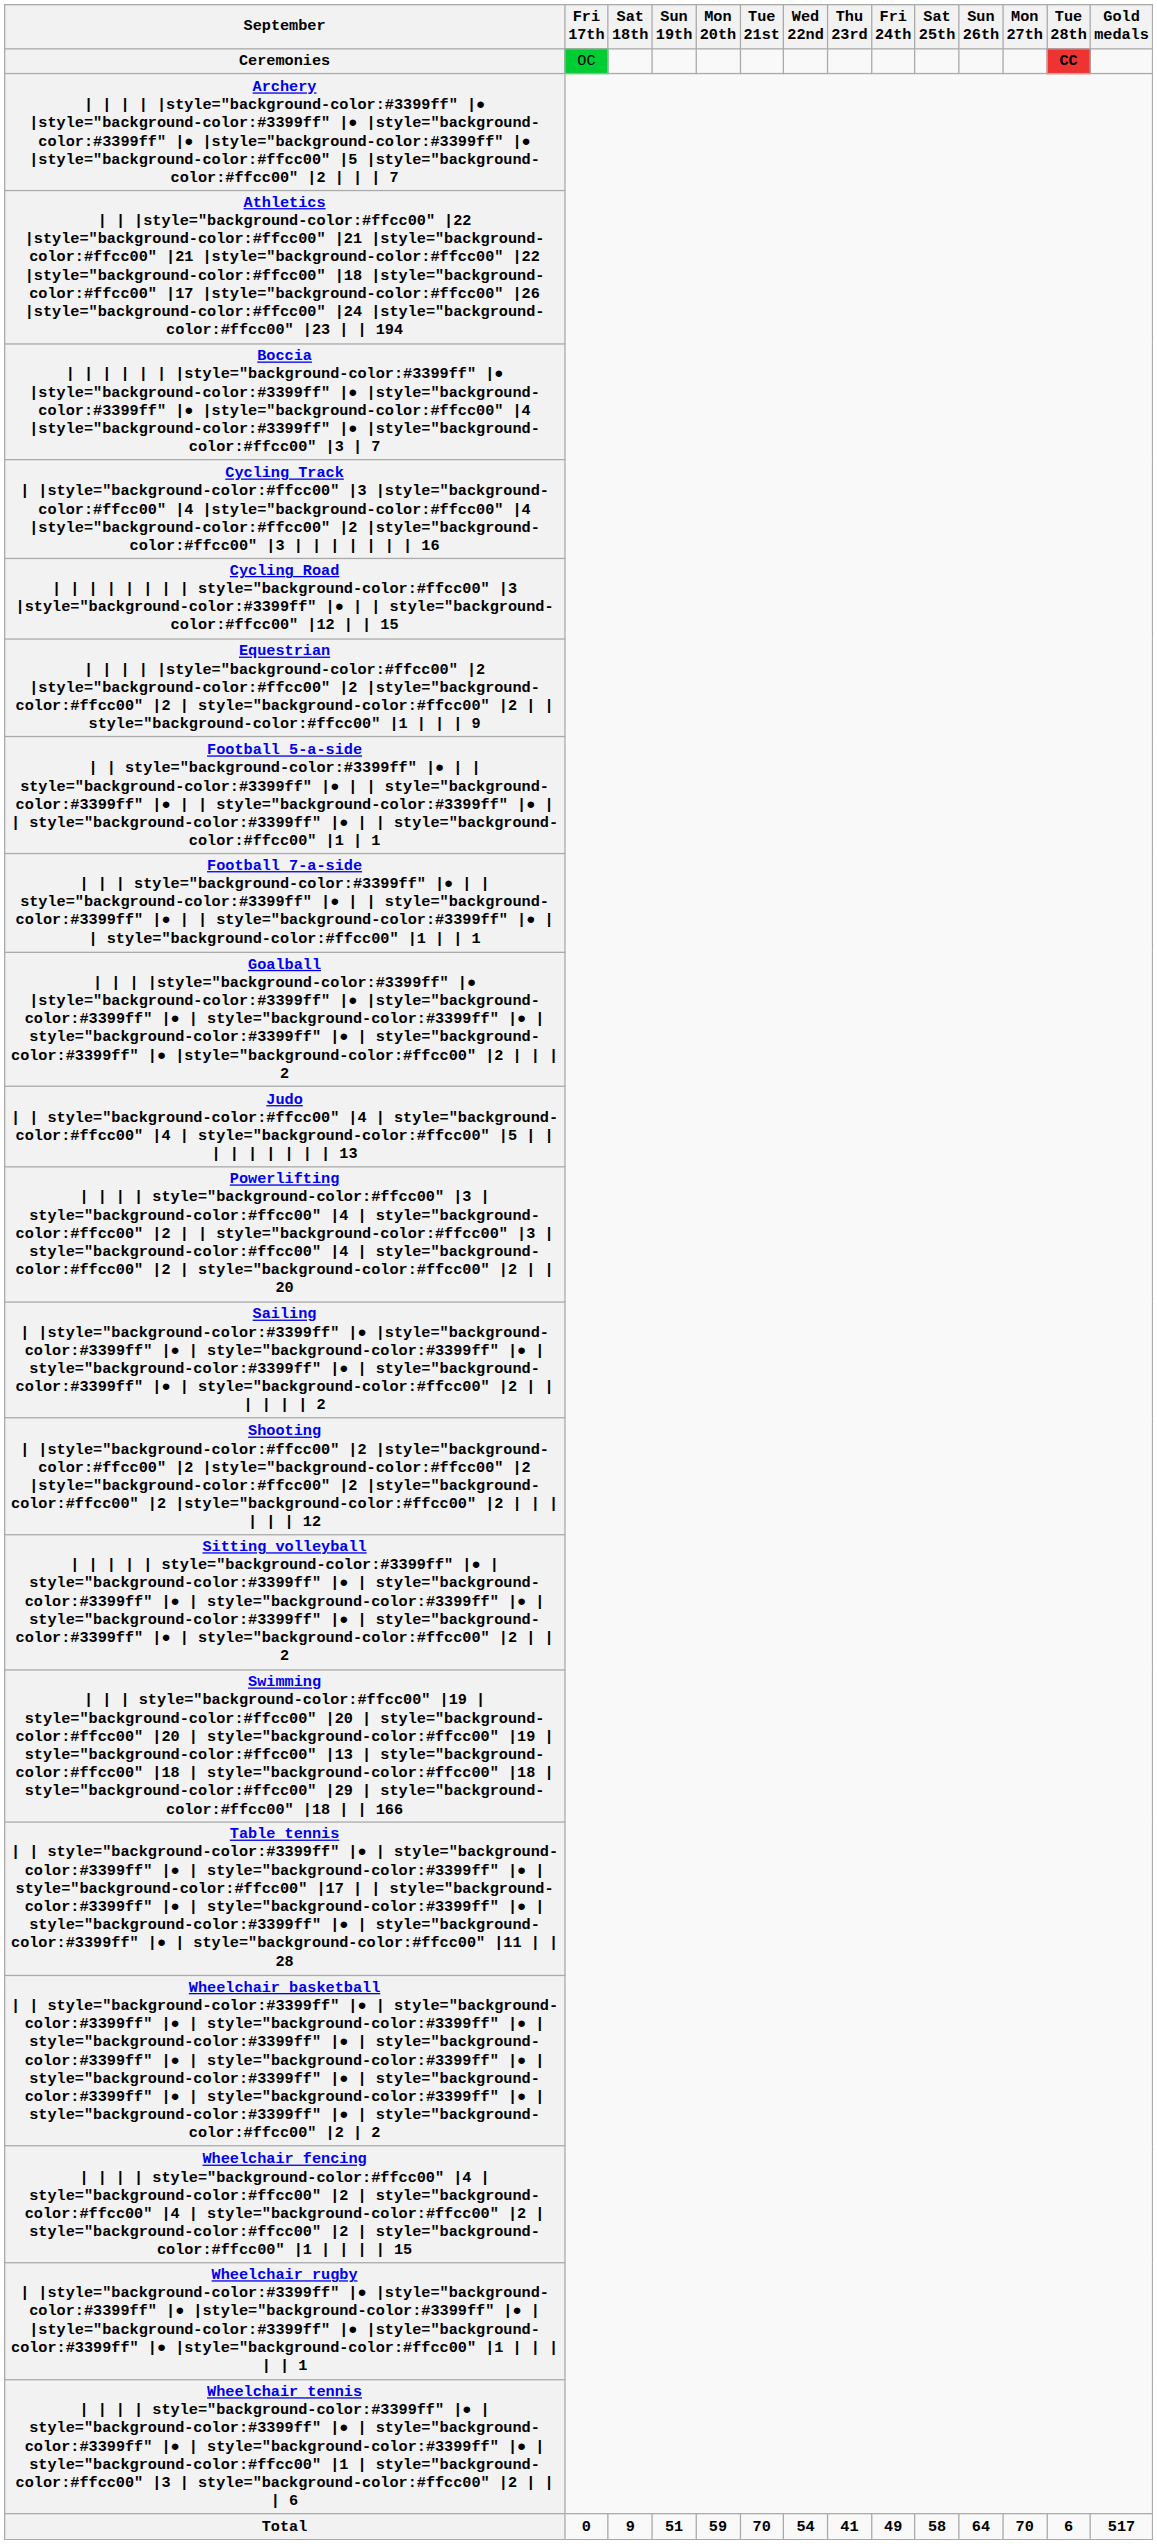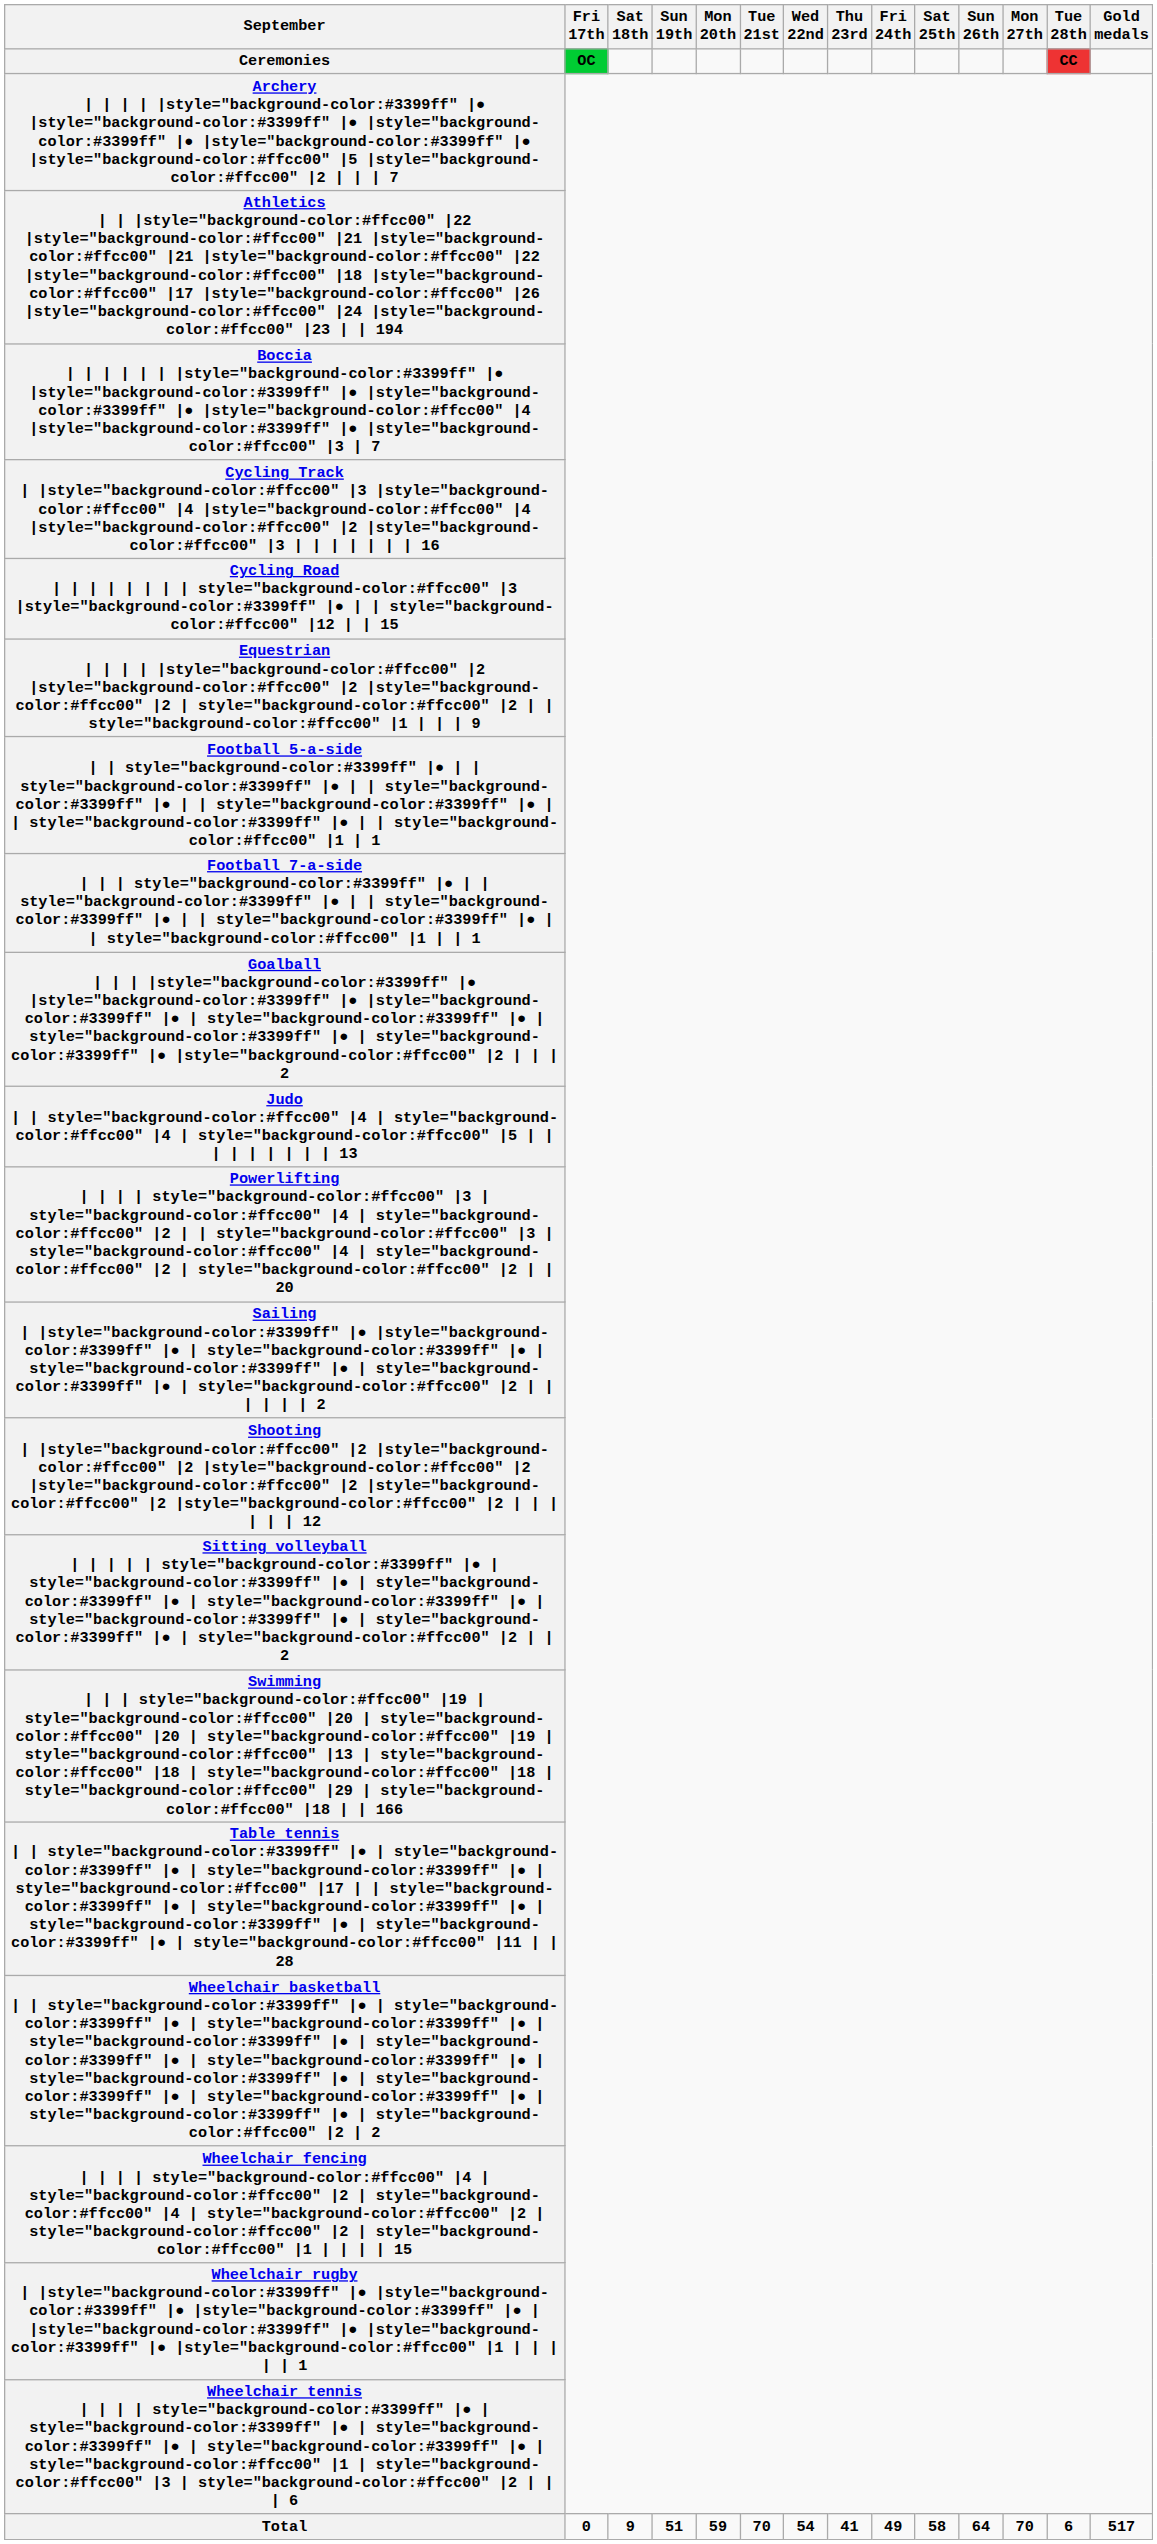 <table class="wikitable plainrowheaders" style="text-align:center; margin:0.5em auto; font-size:90%;">
 <tr>
 <th scope="col">September</th>
 <th scope="col">Fri<br>17th</th>
 <th scope="col">Sat<br>18th</th>
 <th scope="col">Sun<br>19th</th>
 <th scope="col">Mon<br>20th</th>
 <th scope="col">Tue<br>21st</th>
 <th scope="col">Wed<br>22nd</th>
 <th scope="col">Thu<br>23rd</th>
 <th scope="col">Fri<br>24th</th>
 <th scope="col">Sat<br>25th</th>
 <th scope="col">Sun<br>26th</th>
 <th scope="col">Mon<br>27th</th>
 <th scope="col">Tue<br>28th</th>
 <th scope="col">Gold<br>medals</th>
 </tr>
 <tr>
 <th scope="row">Ceremonies</th>
-<td style="background-color:#00cc33">OC</td>
+<td style="background-color:#00cc33"><strong>OC</strong></td>
 <td></td>
 <td></td>
 <td></td>
 <td></td>
 <td></td>
 <td></td>
 <td></td>
 <td></td>
 <td></td>
 <td></td>
 <td style="background-color:#ee3333"><strong>CC</strong></td>
 <td></td>
 </tr>
 <tr>
 <th scope="row"><a href='#'>Archery</a><br>| | |  |  |style="background-color:#3399ff" |● |style="background-color:#3399ff" |● |style="background-color:#3399ff" |●  |style="background-color:#3399ff" |●  |style="background-color:#ffcc00" |5 |style="background-color:#ffcc00" |2 | | | 7</th>
 </tr>
 <tr>
 <th scope="row"><a href='#'>Athletics</a><br>| | |style="background-color:#ffcc00" |22 |style="background-color:#ffcc00" |21 |style="background-color:#ffcc00" |21 |style="background-color:#ffcc00" |22 |style="background-color:#ffcc00" |18 |style="background-color:#ffcc00" |17 |style="background-color:#ffcc00" |26 |style="background-color:#ffcc00" |24 |style="background-color:#ffcc00" |23 | | 194</th>
 </tr>
 <tr>
 <th scope="row"><a href='#'>Boccia</a><br>| | | | | | |style="background-color:#3399ff" |● |style="background-color:#3399ff" |● |style="background-color:#3399ff" |● |style="background-color:#ffcc00" |4 |style="background-color:#3399ff" |● |style="background-color:#ffcc00" |3 | 7</th>
 </tr>
 <tr>
 <th scope="row"><a href='#'>Cycling Track</a><br>| |style="background-color:#ffcc00" |3 |style="background-color:#ffcc00" |4 |style="background-color:#ffcc00" |4 |style="background-color:#ffcc00" |2 |style="background-color:#ffcc00" |3 | |  |  |  |  |  | 16</th>
 </tr>
 <tr>
 <th scope="row"><a href='#'>Cycling Road</a><br>| | | | | | | | style="background-color:#ffcc00" |3 |style="background-color:#3399ff" |● |  | style="background-color:#ffcc00" |12 |  | 15</th>
 </tr>
 <tr>
 <th scope="row"><a href='#'>Equestrian</a><br>| | | | |style="background-color:#ffcc00" |2 |style="background-color:#ffcc00" |2 |style="background-color:#ffcc00" |2 | style="background-color:#ffcc00" |2 |  | style="background-color:#ffcc00" |1 |  |  | 9</th>
 </tr>
 <tr>
 <th scope="row"><a href='#'>Football 5-a-side</a><br>| | style="background-color:#3399ff" |● | | style="background-color:#3399ff" |● |  | style="background-color:#3399ff" |● |  | style="background-color:#3399ff" |● |  | style="background-color:#3399ff" |● | | style="background-color:#ffcc00" |1 | 1</th>
 </tr>
 <tr>
 <th scope="row"><a href='#'>Football 7-a-side</a><br>| | | style="background-color:#3399ff" |● | | style="background-color:#3399ff" |● | | style="background-color:#3399ff" |● | | style="background-color:#3399ff" |● | |  style="background-color:#ffcc00" |1 | | 1</th>
 </tr>
 <tr>
 <th scope="row"><a href='#'>Goalball</a><br>| | | |style="background-color:#3399ff" |● |style="background-color:#3399ff" |● |style="background-color:#3399ff" |● | style="background-color:#3399ff" |● | style="background-color:#3399ff" |● | style="background-color:#3399ff" |● |style="background-color:#ffcc00" |2 | |  | 2</th>
 </tr>
 <tr>
 <th scope="row"><a href='#'>Judo</a><br>| | style="background-color:#ffcc00" |4 | style="background-color:#ffcc00" |4 | style="background-color:#ffcc00" |5 |  | | | | | | | | 13</th>
 </tr>
 <tr>
 <th scope="row"><a href='#'>Powerlifting</a><br>| | | | style="background-color:#ffcc00" |3 | style="background-color:#ffcc00" |4 | style="background-color:#ffcc00" |2 | | style="background-color:#ffcc00" |3 | style="background-color:#ffcc00" |4 | style="background-color:#ffcc00" |2 | style="background-color:#ffcc00" |2 |   | 20</th>
 </tr>
 <tr>
 <th scope="row"><a href='#'>Sailing</a><br>| |style="background-color:#3399ff" |● |style="background-color:#3399ff" |● | style="background-color:#3399ff" |● | style="background-color:#3399ff" |● | style="background-color:#3399ff" |● | style="background-color:#ffcc00" |2 |  |  |  |  | | 2</th>
 </tr>
 <tr>
 <th scope="row"><a href='#'>Shooting</a><br>| |style="background-color:#ffcc00" |2 |style="background-color:#ffcc00" |2 |style="background-color:#ffcc00" |2 |style="background-color:#ffcc00" |2 |style="background-color:#ffcc00" |2 |style="background-color:#ffcc00" |2 |  |  |  |  | | 12</th>
 </tr>
 <tr>
 <th scope="row"><a href='#'>Sitting volleyball</a><br>| | | |  | style="background-color:#3399ff" |● | style="background-color:#3399ff" |● | style="background-color:#3399ff" |● | style="background-color:#3399ff" |● | style="background-color:#3399ff" |● | style="background-color:#3399ff" |● | style="background-color:#ffcc00" |2 |  | 2</th>
 </tr>
 <tr>
 <th scope="row"><a href='#'>Swimming</a><br>| | | style="background-color:#ffcc00" |19   | style="background-color:#ffcc00" |20   | style="background-color:#ffcc00" |20  | style="background-color:#ffcc00" |19   | style="background-color:#ffcc00" |13   | style="background-color:#ffcc00" |18   | style="background-color:#ffcc00" |18  | style="background-color:#ffcc00" |29   | style="background-color:#ffcc00" |18   | | 166</th>
 </tr>
 <tr>
 <th scope="row"><a href='#'>Table tennis</a><br>| | style="background-color:#3399ff" |● | style="background-color:#3399ff" |● | style="background-color:#3399ff" |● | style="background-color:#ffcc00" |17 |  | style="background-color:#3399ff" |● | style="background-color:#3399ff" |● | style="background-color:#3399ff" |● | style="background-color:#3399ff" |● | style="background-color:#ffcc00" |11 | | 28</th>
 </tr>
 <tr>
 <th scope="row"><a href='#'>Wheelchair basketball</a><br>| | style="background-color:#3399ff" |● | style="background-color:#3399ff" |● | style="background-color:#3399ff" |● | style="background-color:#3399ff" |● | style="background-color:#3399ff" |● | style="background-color:#3399ff" |● | style="background-color:#3399ff" |● | style="background-color:#3399ff" |● | style="background-color:#3399ff" |● | style="background-color:#3399ff" |● | style="background-color:#ffcc00" |2 | 2</th>
 </tr>
 <tr>
 <th scope="row"><a href='#'>Wheelchair fencing</a><br>| | | | style="background-color:#ffcc00" |4 | style="background-color:#ffcc00" |2 | style="background-color:#ffcc00" |4 | style="background-color:#ffcc00" |2 | style="background-color:#ffcc00" |2 | style="background-color:#ffcc00" |1 | | | | 15</th>
 </tr>
 <tr>
 <th scope="row"><a href='#'>Wheelchair rugby</a><br>| |style="background-color:#3399ff" |● |style="background-color:#3399ff" |● |style="background-color:#3399ff" |● | |style="background-color:#3399ff" |● |style="background-color:#3399ff" |● |style="background-color:#ffcc00" |1 |  |  |  |  | 1</th>
 </tr>
 <tr>
 <th scope="row"><a href='#'>Wheelchair tennis</a><br>| | | | style="background-color:#3399ff" |● | style="background-color:#3399ff" |● | style="background-color:#3399ff" |● | style="background-color:#3399ff" |● | style="background-color:#ffcc00" |1 | style="background-color:#ffcc00" |3 | style="background-color:#ffcc00" |2 |  |  | 6</th>
 </tr>
 <tr style="font-weight:bold">
 <th scope="row"><strong>Total</strong></th>
 <td 0>0</td>
 <td>9</td>
 <td>51</td>
 <td>59</td>
 <td>70</td>
 <td>54</td>
 <td>41</td>
 <td>49</td>
 <td>58</td>
 <td>64</td>
 <td>70</td>
 <td>6</td>
 <td>517</td>
 </tr>
 </table>
